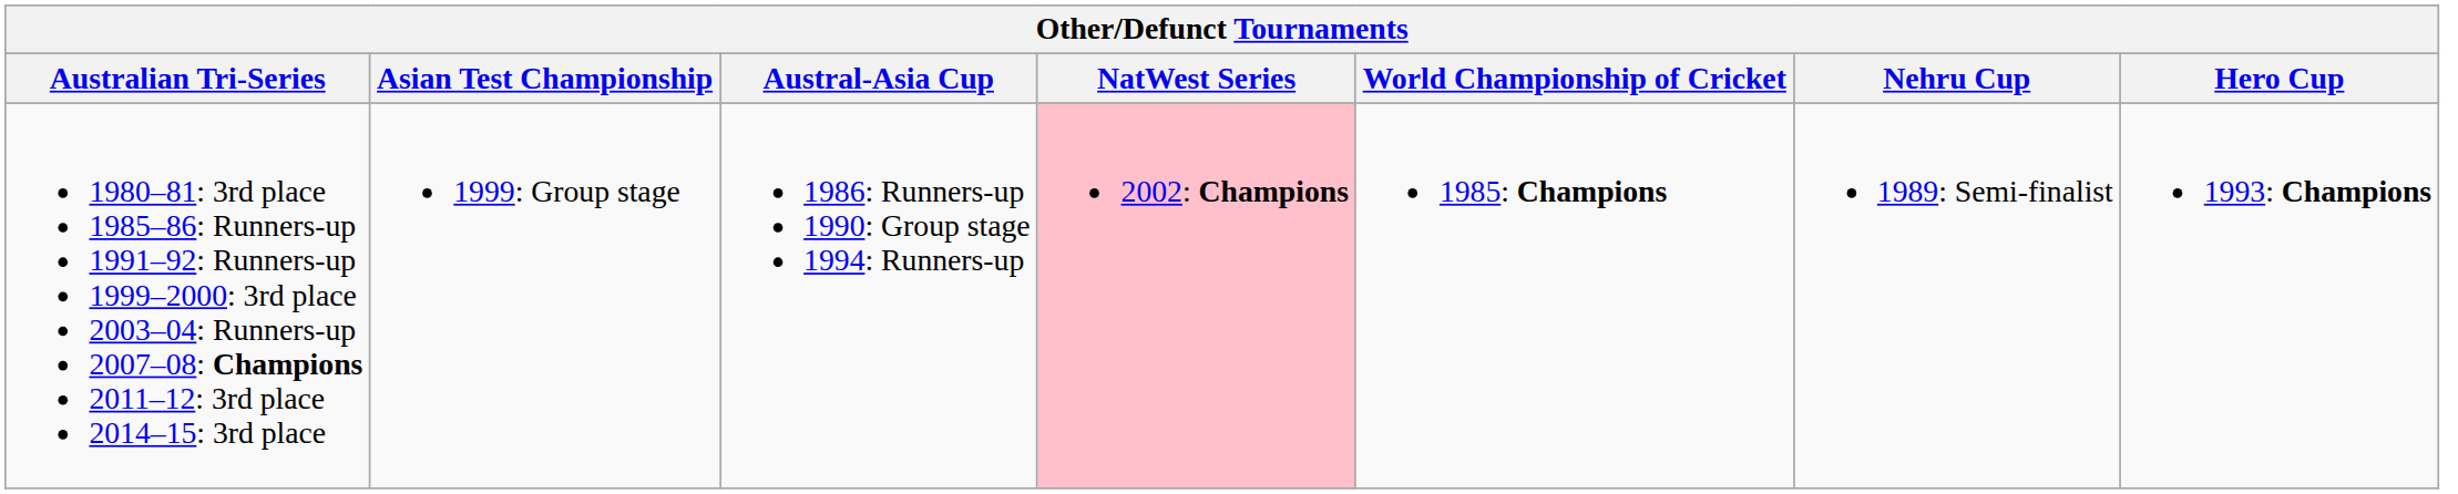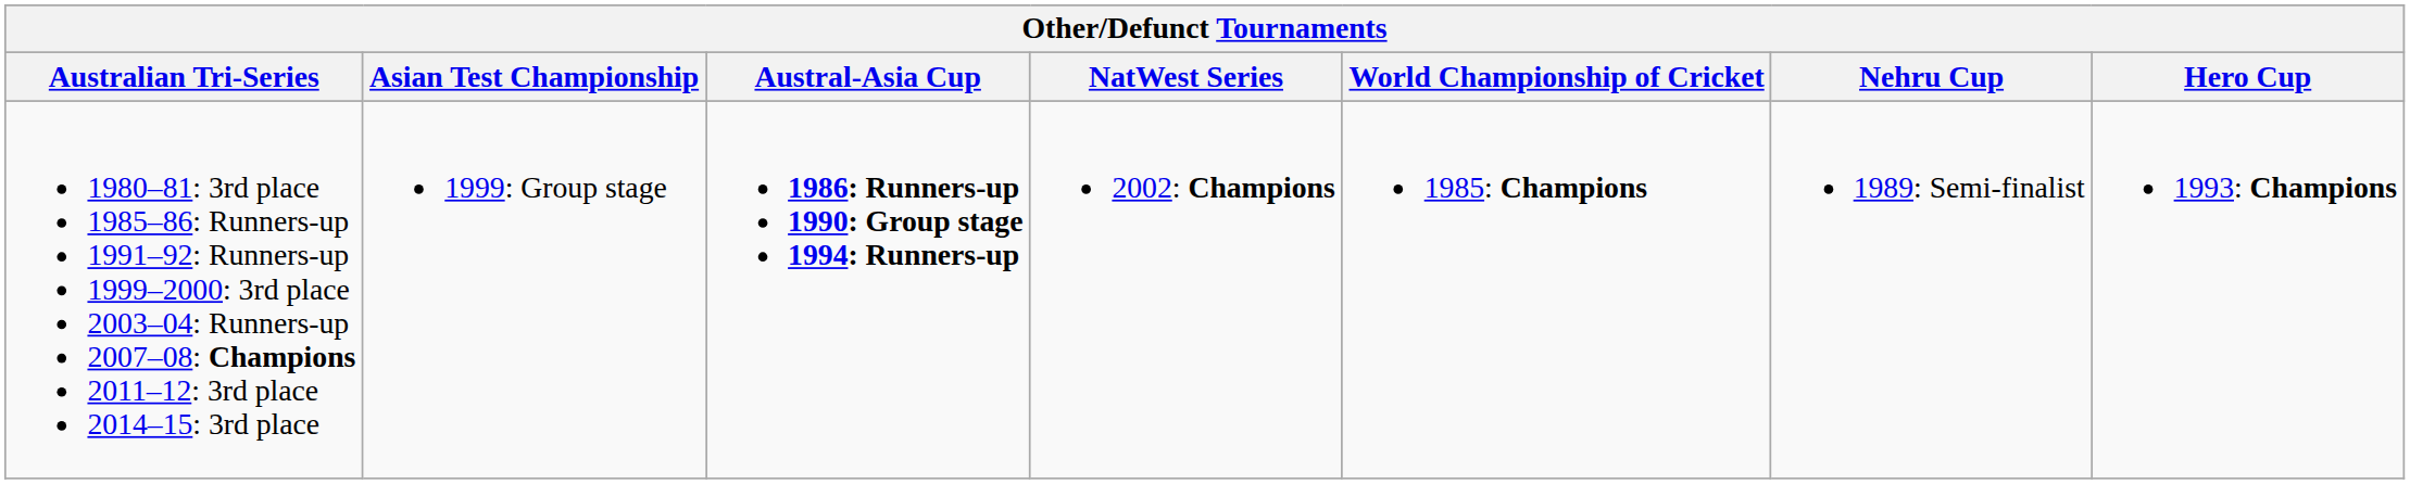 <table class="wikitable">
 <tr style="background:#ccc;">
 <th colspan=7>Other/Defunct <a href='#'>Tournaments</a></th>
 </tr>
 <tr style="background:#ccc;">
 <th><a href='#'>Australian Tri-Series</a></th>
 <th><a href='#'>Asian Test Championship</a></th>
 <th><a href='#'>Austral-Asia Cup</a></th>
 <th><a href='#'>NatWest Series</a></th>
 <th><a href='#'>World Championship of Cricket</a></th>
 <th><a href='#'>Nehru Cup</a></th>
 <th><a href='#'>Hero Cup</a></th>
 </tr>
 <tr>
 <td style="vertical-align:top;"><br><ul><li> <a href='#'>1980–81</a>: 3rd place</li><li> <a href='#'>1985–86</a>: Runners-up</li><li> <a href='#'>1991–92</a>: Runners-up</li><li> <a href='#'>1999–2000</a>: 3rd place</li><li> <a href='#'>2003–04</a>: Runners-up</li><li> <a href='#'>2007–08</a>: <strong>Champions</strong></li><li> <a href='#'>2011–12</a>: 3rd place</li><li> <a href='#'>2014–15</a>: 3rd place</li></ul></td>
 <td style="vertical-align:top;"><br><ul><li>   <a href='#'>1999</a>: Group stage</li></ul></td>
-<td style="vertical-align:top;"><br><ul><li> <a href='#'>1986</a>: Runners-up</li><li> <a href='#'>1990</a>: Group stage</li><li> <a href='#'>1994</a>: Runners-up</li></ul></td>
-<td style="background: pink; vertical-align:top;"><br><ul><li> <a href='#'>2002</a>: <strong>Champions</strong></li></ul></td>
+<td style="vertical-align:top;"><strong><br><ul><li> <a href='#'>1986</a>: Runners-up</li><li> <a href='#'>1990</a>: Group stage</li><li> <a href='#'>1994</a>: Runners-up</li></ul></strong></td>
+<td style="vertical-align:top;"><br><ul><li> <a href='#'>2002</a>: <strong>Champions</strong></li></ul></td>
 <td style="vertical-align:top;"><br><ul><li> <a href='#'>1985</a>: <strong>Champions</strong></li></ul></td>
 <td style="vertical-align:top;"><br><ul><li> <a href='#'>1989</a>: Semi-finalist</li></ul></td>
 <td style="vertical-align:top;"><br><ul><li> <a href='#'>1993</a>: <strong>Champions</strong></li></ul></td>
 </tr>
 </table>
